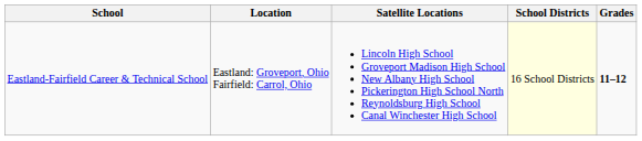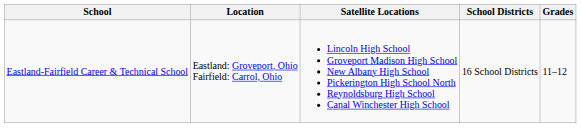 <table class="wikitable">
 <tr>
 <th>School</th>
 <th>Location</th>
 <th>Satellite Locations</th>
 <th>School Districts</th>
 <th>Grades</th>
 </tr>
 <tr>
 <td><a href='#'>Eastland-Fairfield Career & Technical School</a></td>
 <td>Eastland: <a href='#'>Groveport, Ohio</a><br>Fairfield: <a href='#'>Carrol, Ohio</a></td>
 <td><br><ul><li><a href='#'>Lincoln High School</a></li><li><a href='#'>Groveport Madison High School</a></li><li><a href='#'>New Albany High School</a></li><li><a href='#'>Pickerington High School North</a></li><li><a href='#'>Reynoldsburg High School</a></li><li><a href='#'>Canal Winchester High School</a></li></ul></td>
-<td style="background: lightyellow;">16 School Districts</td>
-<td><strong>11–12</strong></td>
+<td>16 School Districts</td>
+<td>11–12</td>
 </tr>
 </table>
